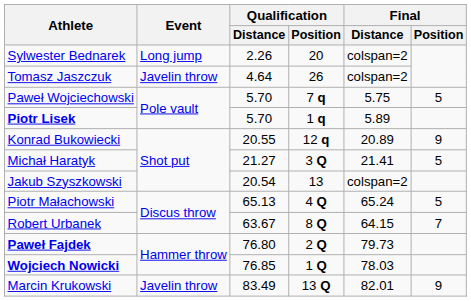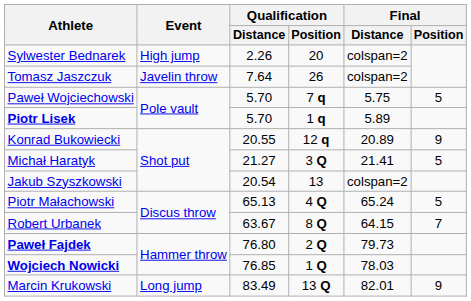 <table class=wikitable style="font-size:90%">
 <tr>
 <th rowspan="2">Athlete</th>
 <th rowspan="2">Event</th>
 <th colspan="2">Qualification</th>
 <th colspan="2">Final</th>
 </tr>
 <tr style="font-size:95%">
 <th>Distance</th>
 <th>Position</th>
 <th>Distance</th>
 <th>Position</th>
 </tr>
 <tr style=text-align:center>
 <td style=text-align:left><a href='#'>Sylwester Bednarek</a></td>
-<td style=text-align:left><a href='#'>Long jump</a></td>
+<td style=text-align:left><a href='#'>High jump</a></td>
 <td>2.26</td>
 <td>20</td>
 <td>colspan=2 </td>
 </tr>
 <tr style=text-align:center>
 <td style=text-align:left><a href='#'>Tomasz Jaszczuk</a></td>
 <td style=text-align:left><a href='#'>Javelin throw</a></td>
-<td>4.64</td>
+<td>7.64</td>
 <td>26</td>
 <td>colspan=2 </td>
 </tr>
 <tr style=text-align:center>
 <td style=text-align:left><a href='#'>Paweł Wojciechowski</a></td>
 <td style=text-align:left rowspan=2><a href='#'>Pole vault</a></td>
 <td>5.70</td>
 <td>7 <strong>q</strong></td>
 <td>5.75</td>
 <td>5</td>
 </tr>
 <tr style=text-align:center>
 <td style=text-align:left><strong><a href='#'>Piotr Lisek</a></strong></td>
 <td>5.70</td>
 <td>1 <strong>q</strong></td>
 <td>5.89</td>
 <td></td>
 </tr>
 <tr style=text-align:center>
 <td style=text-align:left><a href='#'>Konrad Bukowiecki</a></td>
 <td style=text-align:left rowspan=3><a href='#'>Shot put</a></td>
 <td>20.55</td>
 <td>12 <strong>q</strong></td>
 <td>20.89</td>
 <td>9</td>
 </tr>
 <tr style=text-align:center>
 <td style=text-align:left><a href='#'>Michał Haratyk</a></td>
 <td>21.27</td>
 <td>3 <strong>Q</strong></td>
 <td>21.41</td>
 <td>5</td>
 </tr>
 <tr style=text-align:center>
 <td style=text-align:left><a href='#'>Jakub Szyszkowski</a></td>
 <td>20.54</td>
 <td>13</td>
 <td>colspan=2 </td>
 </tr>
 <tr style=text-align:center>
 <td style=text-align:left><a href='#'>Piotr Małachowski</a></td>
 <td style=text-align:left rowspan=2><a href='#'>Discus throw</a></td>
 <td>65.13</td>
 <td>4 <strong>Q</strong></td>
 <td>65.24</td>
 <td>5</td>
 </tr>
 <tr style=text-align:center>
 <td style=text-align:left><a href='#'>Robert Urbanek</a></td>
 <td>63.67</td>
 <td>8 <strong>Q</strong></td>
 <td>64.15</td>
 <td>7</td>
 </tr>
 <tr style=text-align:center>
 <td style=text-align:left><strong><a href='#'>Paweł Fajdek</a></strong></td>
 <td style=text-align:left rowspan=2><a href='#'>Hammer throw</a></td>
 <td>76.80</td>
 <td>2 <strong>Q</strong></td>
 <td>79.73</td>
 <td></td>
 </tr>
 <tr style=text-align:center>
 <td style=text-align:left><strong><a href='#'>Wojciech Nowicki</a></strong></td>
 <td>76.85</td>
 <td>1 <strong>Q</strong></td>
 <td>78.03</td>
 <td></td>
 </tr>
 <tr style=text-align:center>
 <td style=text-align:left><a href='#'>Marcin Krukowski</a></td>
-<td style=text-align:left><a href='#'>Javelin throw</a></td>
+<td style=text-align:left><a href='#'>Long jump</a></td>
 <td>83.49</td>
 <td>13 <strong>Q</strong></td>
 <td>82.01</td>
 <td>9</td>
 </tr>
 </table>
